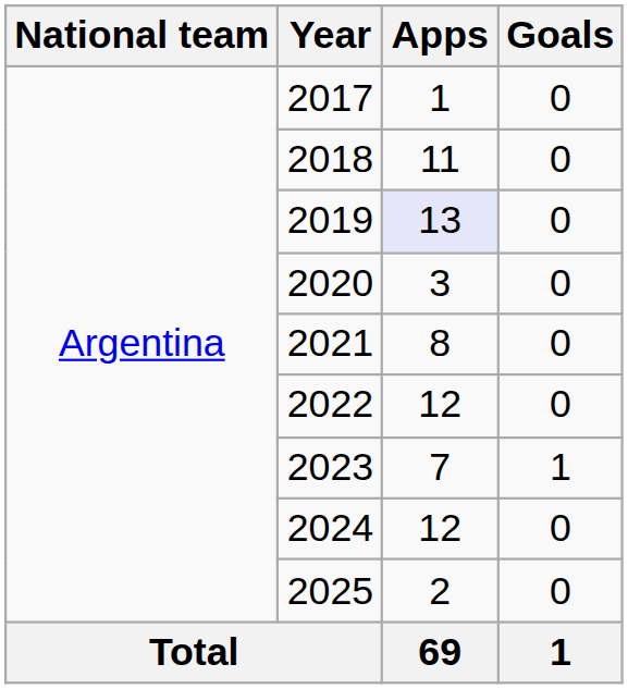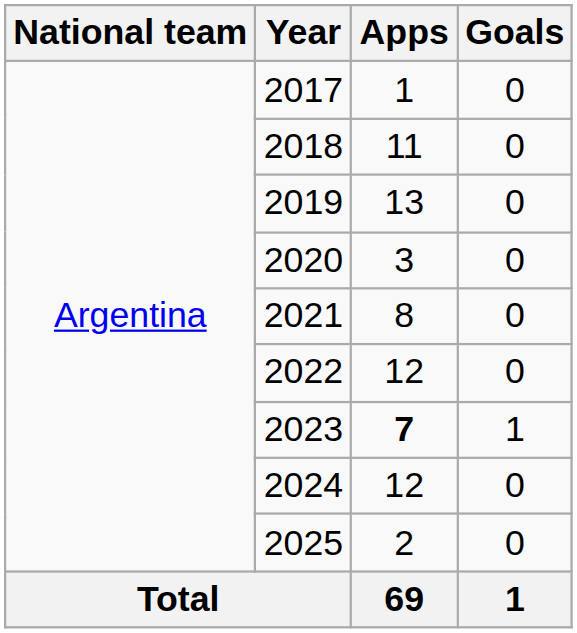 <table class="wikitable" style="text-align:center">
 <tr>
 <th>National team</th>
 <th>Year</th>
 <th>Apps</th>
 <th>Goals</th>
 </tr>
 <tr>
 <td rowspan="9"><a href='#'>Argentina</a></td>
 <td>2017</td>
 <td>1</td>
 <td>0</td>
 </tr>
 <tr>
 <td>2018</td>
 <td>11</td>
 <td>0</td>
 </tr>
 <tr>
 <td>2019</td>
-<td style="background: lavender;">13</td>
+<td>13</td>
 <td>0</td>
 </tr>
 <tr>
 <td>2020</td>
 <td>3</td>
 <td>0</td>
 </tr>
 <tr>
 <td>2021</td>
 <td>8</td>
 <td>0</td>
 </tr>
 <tr>
 <td>2022</td>
 <td>12</td>
 <td>0</td>
 </tr>
 <tr>
 <td>2023</td>
-<td>7</td>
+<td><strong>7</strong></td>
 <td>1</td>
 </tr>
 <tr>
 <td>2024</td>
 <td>12</td>
 <td>0</td>
 </tr>
 <tr>
 <td>2025</td>
 <td>2</td>
 <td>0</td>
 </tr>
 <tr>
 <th colspan="2">Total</th>
 <th>69</th>
 <th>1</th>
 </tr>
 </table>
